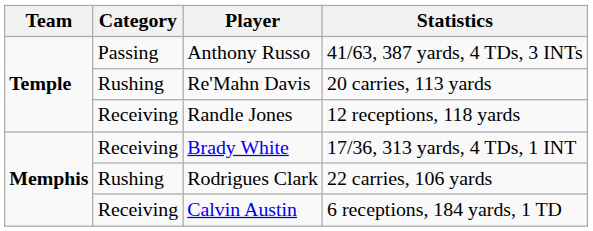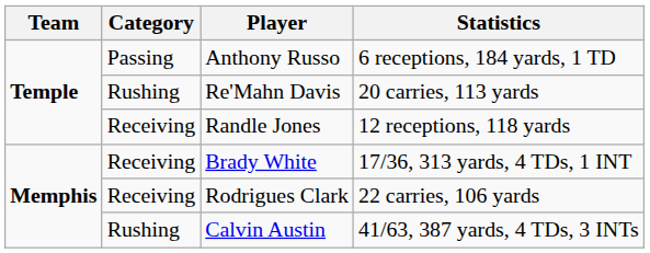 <table class="wikitable" style="float: left;">
 <tr>
 <th>Team</th>
 <th>Category</th>
 <th>Player</th>
 <th>Statistics</th>
 </tr>
 <tr>
 <td rowspan=3><strong>Temple</strong></td>
 <td>Passing</td>
 <td>Anthony Russo</td>
-<td>41/63, 387 yards, 4 TDs, 3 INTs</td>
+<td>6 receptions, 184 yards, 1 TD</td>
 </tr>
 <tr>
 <td>Rushing</td>
 <td>Re'Mahn Davis</td>
 <td>20 carries, 113 yards</td>
 </tr>
 <tr>
 <td>Receiving</td>
 <td>Randle Jones</td>
 <td>12 receptions, 118 yards</td>
 </tr>
 <tr>
 <td rowspan=3><strong>Memphis</strong></td>
 <td>Receiving</td>
 <td><a href='#'>Brady White</a></td>
 <td>17/36, 313 yards, 4 TDs, 1 INT</td>
 </tr>
 <tr>
-<td>Rushing</td>
+<td>Receiving</td>
 <td>Rodrigues Clark</td>
 <td>22 carries, 106 yards</td>
 </tr>
 <tr>
-<td>Receiving</td>
+<td>Rushing</td>
 <td><a href='#'>Calvin Austin</a></td>
-<td>6 receptions, 184 yards, 1 TD</td>
+<td>41/63, 387 yards, 4 TDs, 3 INTs</td>
 </tr>
 </table>
